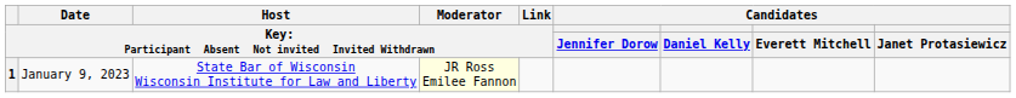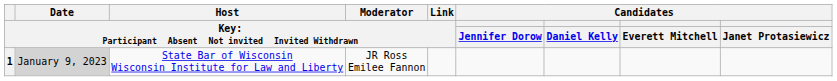 <table class="wikitable" style="text-align:center;">
 <tr>
 <th scope="col"></th>
 <th scope="col">Date</th>
 <th scope="col">Host</th>
 <th scope="col">Moderator</th>
 <th scope="col">Link</th>
 <th scope="col" colspan="4">Candidates</th>
 </tr>
 <tr>
 <th colspan="5" rowspan="2">Key:<br> <small>Participant </small>  <small>Absent </small>  <small>Not invited </small>  <small>Invited  Withdrawn</small></th>
 <th scope="col" style="background:"></th>
 <th scope="col" style="background:"></th>
 <th scope="col" style="background:"></th>
 <th scope="col" style="background:"></th>
 </tr>
 <tr>
 <th scope="col"><a href='#'>Jennifer Dorow</a></th>
 <th scope="col"><a href='#'>Daniel Kelly</a></th>
 <th scope="col">Everett Mitchell</th>
 <th scope="col">Janet Protasiewicz</th>
 </tr>
 <tr>
 <th>1</th>
-<td style="white-space:nowrap;">January 9, 2023</td>
+<td style="background: lightgrey; white-space:nowrap;">January 9, 2023</td>
 <td style="white-space:nowrap;"><a href='#'>State Bar of Wisconsin</a><br><a href='#'>Wisconsin Institute for Law and Liberty</a></td>
-<td style="background: lightyellow; white-space:nowrap;">JR Ross<br>Emilee Fannon</td>
+<td style="white-space:nowrap;">JR Ross<br>Emilee Fannon</td>
 <td style="white-space:nowrap;"></td>
 <td></td>
 <td></td>
 <td></td>
 <td></td>
 </tr>
 </table>
